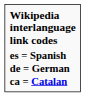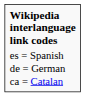 <table class=infobox style="float: right; border: solid #000000 1px;">
 <tr>
 <td font style="font-size: 100%"; style="text-align:center"><strong>Wikipedia<br>interlanguage<br>link codes</strong></td>
 </tr>
 <tr valign="top">
-<td font style="font-size: 95%"><strong>es = Spanish<br>de = German<br>ca = <a href='#'>Catalan</a></strong></td>
+<td font style="font-size: 95%">es = Spanish<br>de = German<br>ca = <a href='#'>Catalan</a></td>
 </tr>
 </table>
